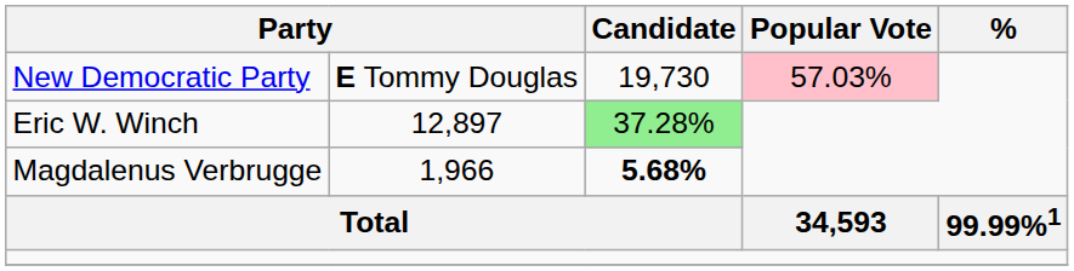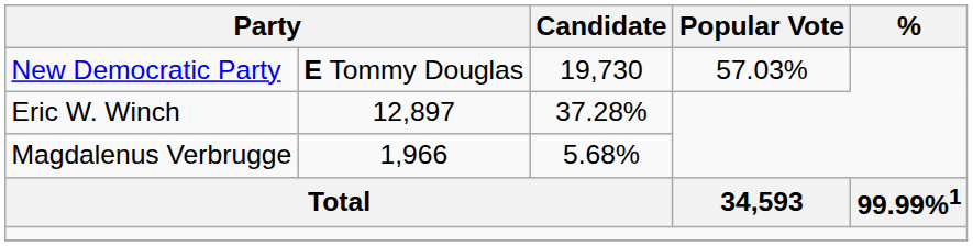 <table class="wikitable">
 <tr>
 <th colspan="2">Party</th>
 <th>Candidate</th>
 <th>Popular Vote</th>
 <th>%</th>
 </tr>
 <tr>
 <td><a href='#'>New Democratic Party</a></td>
 <td><strong>E</strong> Tommy Douglas</td>
 <td align=center>19,730</td>
-<td align=center style="background: pink;">57.03%</td>
+<td align=center>57.03%</td>
 </tr>
 <tr>
 <td>Eric W. Winch</td>
 <td align=center>12,897</td>
-<td align=center style="background: lightgreen;">37.28%</td>
+<td align=center>37.28%</td>
 </tr>
 <tr>
 <td>Magdalenus Verbrugge</td>
 <td align=center>1,966</td>
-<td align=center><strong>5.68%</strong></td>
+<td align=center>5.68%</td>
 </tr>
 <tr>
 <th colspan=3>Total</th>
 <th>34,593</th>
 <th>99.99%<sup>1</sup></th>
 </tr>
 <tr>
 <td align="center" colspan=5></td>
 </tr>
 <tr>
 </tr>
 </table>
